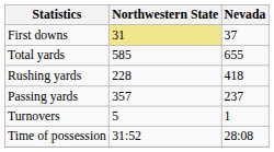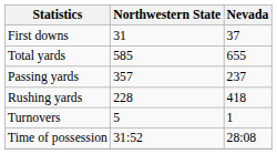 <table class="wikitable">
 <tr>
 <th>Statistics</th>
 <th>Northwestern State</th>
 <th>Nevada</th>
 </tr>
 <tr>
 <td>First downs</td>
-<td style="background: khaki;">31</td>
+<td>31</td>
 <td>37</td>
 </tr>
 <tr>
 <td>Total yards</td>
 <td>585</td>
 <td>655</td>
 </tr>
 <tr>
+<td>Passing yards</td>
+<td>357</td>
+<td>237</td>
+</tr>
+<tr>
 <td>Rushing yards</td>
 <td>228</td>
 <td>418</td>
-</tr>
-<tr>
-<td>Passing yards</td>
-<td>357</td>
-<td>237</td>
 </tr>
 <tr>
 <td>Turnovers</td>
 <td>5</td>
 <td>1</td>
 </tr>
 <tr>
 <td>Time of possession</td>
 <td>31:52</td>
 <td>28:08</td>
 </tr>
 <tr>
 </tr>
 </table>
